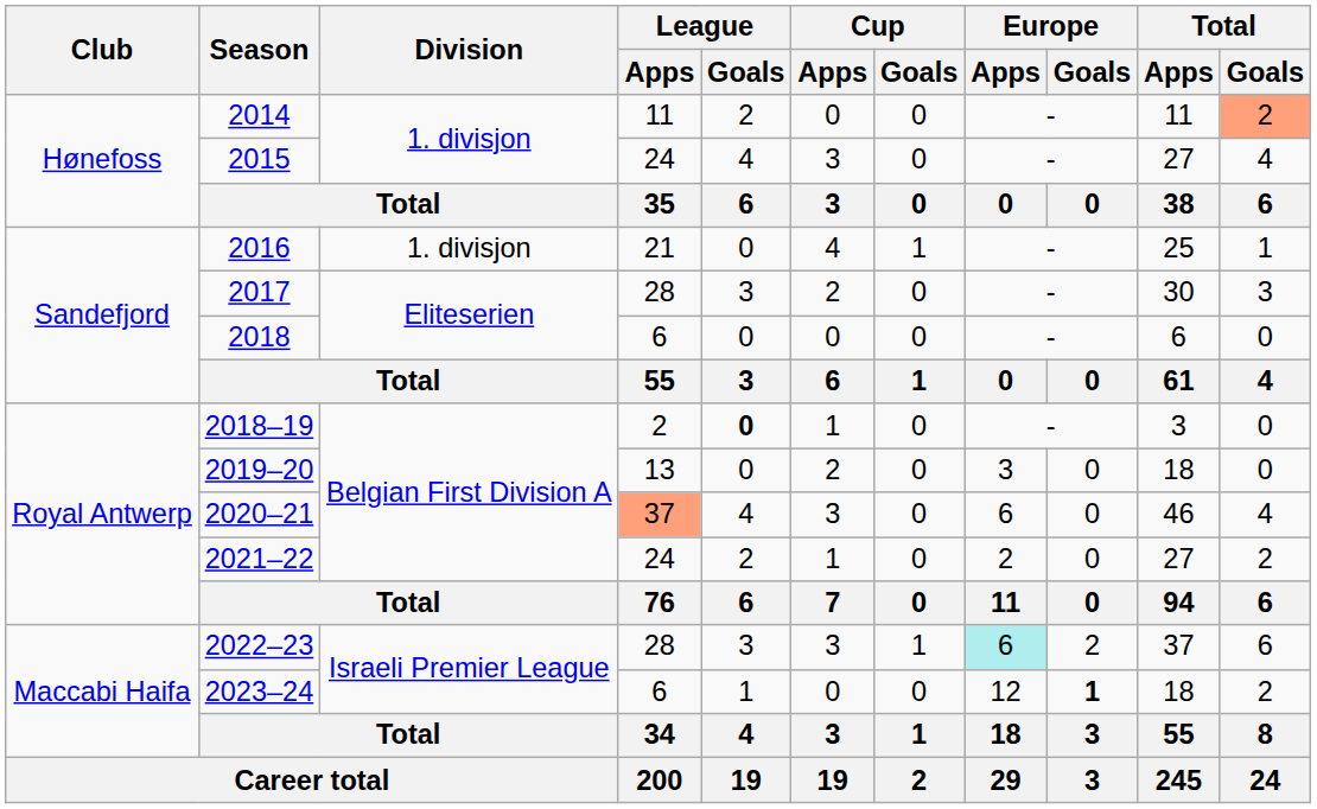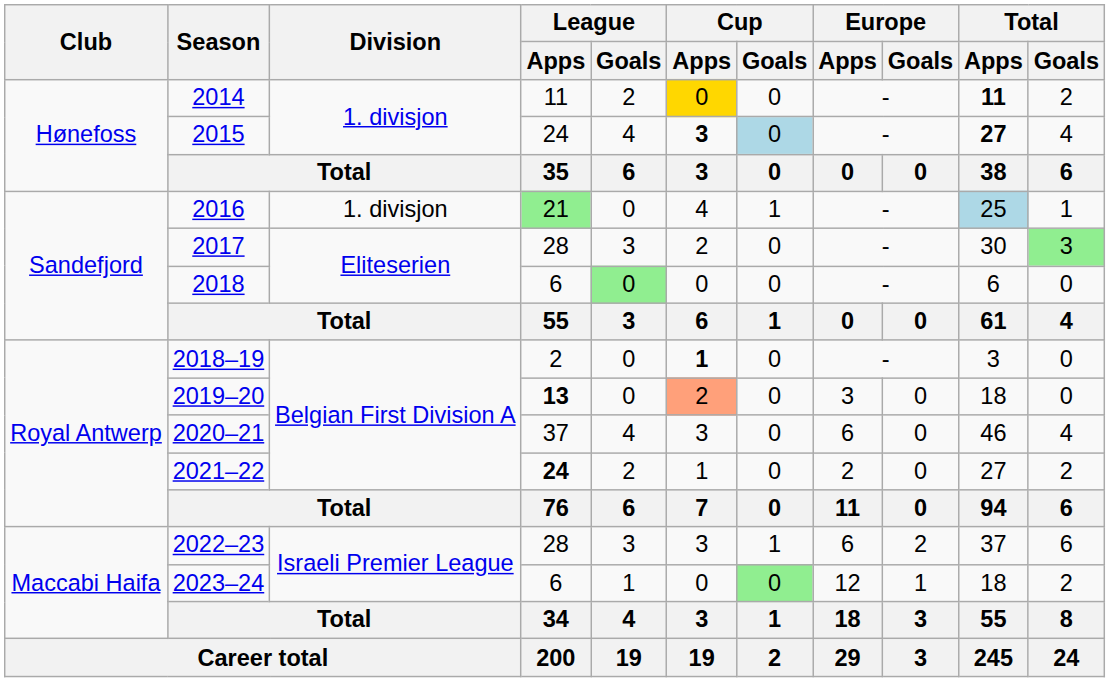 <table class="wikitable" style="text-align:center">
 <tr>
 <th rowspan="2">Club</th>
 <th rowspan="2">Season</th>
 <th rowspan="2">Division</th>
 <th colspan="2">League</th>
 <th colspan="2">Cup</th>
 <th colspan="2">Europe</th>
 <th colspan="2">Total</th>
 </tr>
 <tr>
 <th>Apps</th>
 <th>Goals</th>
 <th>Apps</th>
 <th>Goals</th>
 <th>Apps</th>
 <th>Goals</th>
 <th>Apps</th>
 <th>Goals</th>
 </tr>
 <tr>
 <td rowspan="3"><a href='#'>Hønefoss</a></td>
 <td><a href='#'>2014</a></td>
 <td rowspan="2"><a href='#'>1. divisjon</a></td>
 <td>11</td>
 <td>2</td>
-<td>0</td>
+<td style="background: gold;">0</td>
 <td>0</td>
 <td colspan="2">-</td>
-<td>11</td>
-<td style="background: lightsalmon;">2</td>
+<td><strong>11</strong></td>
+<td>2</td>
 </tr>
 <tr>
 <td><a href='#'>2015</a></td>
 <td>24</td>
 <td>4</td>
-<td>3</td>
-<td>0</td>
+<td><strong>3</strong></td>
+<td style="background: lightblue;">0</td>
 <td colspan="2">-</td>
-<td>27</td>
+<td><strong>27</strong></td>
 <td>4</td>
 </tr>
 <tr>
 <th colspan="2">Total</th>
 <th>35</th>
 <th>6</th>
 <th>3</th>
 <th>0</th>
 <th>0</th>
 <th>0</th>
 <th>38</th>
 <th>6</th>
 </tr>
 <tr>
 <td rowspan="4"><a href='#'>Sandefjord</a></td>
 <td><a href='#'>2016</a></td>
 <td>1. divisjon</td>
-<td>21</td>
+<td style="background: lightgreen;">21</td>
 <td>0</td>
 <td>4</td>
 <td>1</td>
 <td colspan="2">-</td>
-<td>25</td>
+<td style="background: lightblue;">25</td>
 <td>1</td>
 </tr>
 <tr>
 <td><a href='#'>2017</a></td>
 <td rowspan="2"><a href='#'>Eliteserien</a></td>
 <td>28</td>
 <td>3</td>
 <td>2</td>
 <td>0</td>
 <td colspan="2">-</td>
 <td>30</td>
-<td>3</td>
+<td style="background: lightgreen;">3</td>
 </tr>
 <tr>
 <td><a href='#'>2018</a></td>
 <td>6</td>
-<td>0</td>
+<td style="background: lightgreen;">0</td>
 <td>0</td>
 <td>0</td>
 <td colspan="2">-</td>
 <td>6</td>
 <td>0</td>
 </tr>
 <tr>
 <th colspan="2">Total</th>
 <th>55</th>
 <th>3</th>
 <th>6</th>
 <th>1</th>
 <th>0</th>
 <th>0</th>
 <th>61</th>
 <th>4</th>
 </tr>
 <tr>
 <td rowspan="5"><a href='#'>Royal Antwerp</a></td>
 <td><a href='#'>2018–19</a></td>
 <td rowspan="4"><a href='#'>Belgian First Division A</a></td>
 <td>2</td>
-<td><strong>0</strong></td>
-<td>1</td>
+<td>0</td>
+<td><strong>1</strong></td>
 <td>0</td>
 <td colspan="2">-</td>
 <td>3</td>
 <td>0</td>
 </tr>
 <tr>
 <td><a href='#'>2019–20</a></td>
-<td>13</td>
+<td><strong>13</strong></td>
 <td>0</td>
-<td>2</td>
+<td style="background: lightsalmon;">2</td>
 <td>0</td>
 <td>3</td>
 <td>0</td>
 <td>18</td>
 <td>0</td>
 </tr>
 <tr>
 <td><a href='#'>2020–21</a></td>
-<td style="background: lightsalmon;">37</td>
+<td>37</td>
 <td>4</td>
 <td>3</td>
 <td>0</td>
 <td>6</td>
 <td>0</td>
 <td>46</td>
 <td>4</td>
 </tr>
 <tr>
 <td><a href='#'>2021–22</a></td>
-<td>24</td>
+<td><strong>24</strong></td>
 <td>2</td>
 <td>1</td>
 <td>0</td>
 <td>2</td>
 <td>0</td>
 <td>27</td>
 <td>2</td>
 </tr>
 <tr>
 <th colspan="2">Total</th>
 <th>76</th>
 <th>6</th>
 <th>7</th>
 <th>0</th>
 <th>11</th>
 <th>0</th>
 <th>94</th>
 <th>6</th>
 </tr>
 <tr>
 <td rowspan="3"><a href='#'>Maccabi Haifa</a></td>
 <td><a href='#'>2022–23</a></td>
 <td rowspan="2"><a href='#'>Israeli Premier League</a></td>
 <td>28</td>
 <td>3</td>
 <td>3</td>
 <td>1</td>
-<td style="background: paleturquoise;">6</td>
+<td>6</td>
 <td>2</td>
 <td>37</td>
 <td>6</td>
 </tr>
 <tr>
 <td><a href='#'>2023–24</a></td>
 <td>6</td>
 <td>1</td>
 <td>0</td>
-<td>0</td>
+<td style="background: lightgreen;">0</td>
 <td>12</td>
-<td><strong>1</strong></td>
+<td>1</td>
 <td>18</td>
 <td>2</td>
 </tr>
 <tr>
 <th colspan="2">Total</th>
 <th>34</th>
 <th>4</th>
 <th>3</th>
 <th>1</th>
 <th>18</th>
 <th>3</th>
 <th>55</th>
 <th>8</th>
 </tr>
 <tr>
 <th colspan="3">Career total</th>
 <th>200</th>
 <th>19</th>
 <th>19</th>
 <th>2</th>
 <th>29</th>
 <th>3</th>
 <th>245</th>
 <th>24</th>
 </tr>
 </table>
